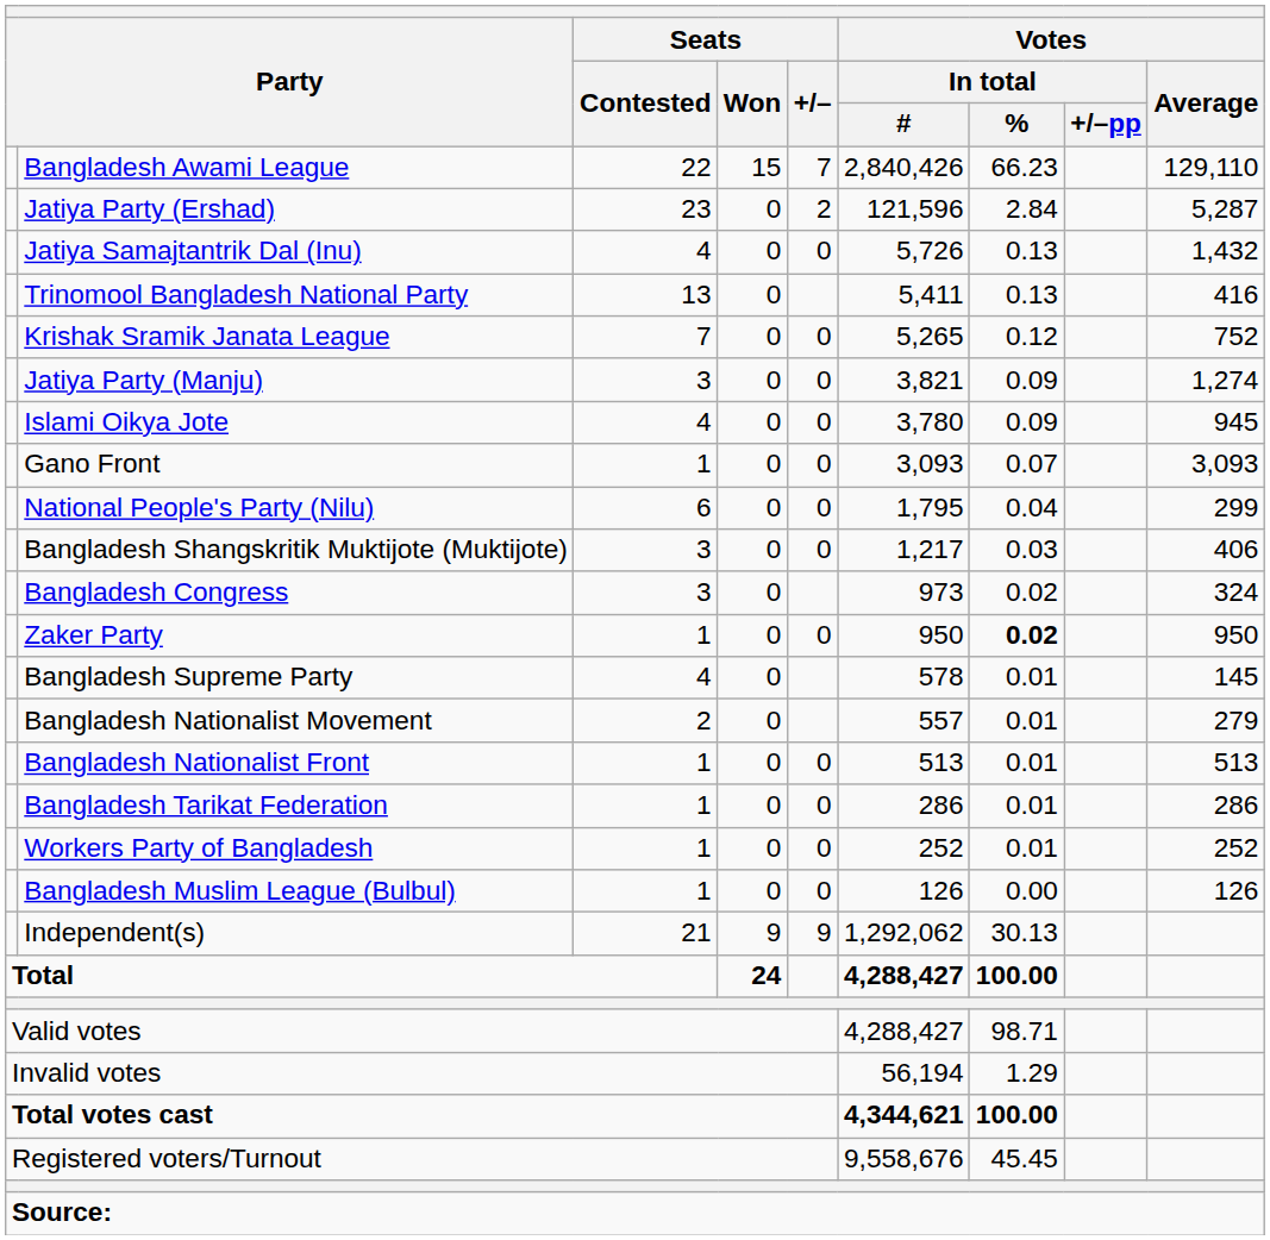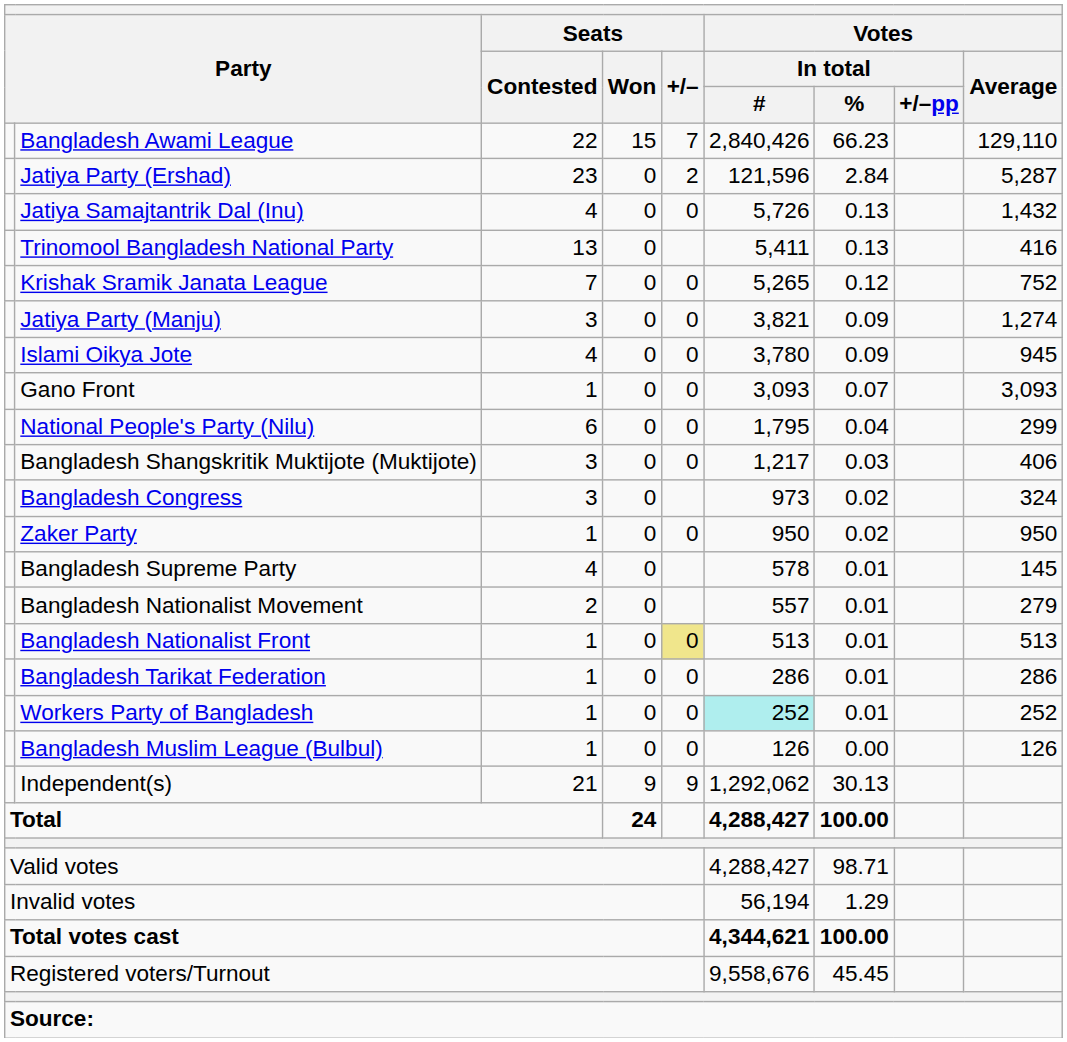 <table class="wikitable sortable">
 <tr>
 <th colspan="9"></th>
 </tr>
 <tr>
 <th colspan="2" rowspan="3">Party</th>
 <th colspan="3">Seats</th>
 <th colspan="4">Votes</th>
 </tr>
 <tr>
 <th rowspan="2">Contested</th>
 <th rowspan="2">Won</th>
 <th rowspan="2">+/–</th>
 <th colspan="3">In total</th>
 <th rowspan="2">Average</th>
 </tr>
 <tr>
 <th>#</th>
 <th>%</th>
 <th>+/–<a href='#'>pp</a></th>
 </tr>
 <tr>
 <td></td>
 <td><a href='#'>Bangladesh Awami League</a></td>
 <td style="text-align:right">22</td>
 <td style="text-align:right">15</td>
 <td style="text-align:right">7</td>
 <td style="text-align:right">2,840,426</td>
 <td style="text-align:right">66.23</td>
 <td style="text-align:right"></td>
 <td style="text-align:right">129,110</td>
 </tr>
 <tr>
 <td></td>
 <td><a href='#'>Jatiya Party (Ershad)</a></td>
 <td style="text-align:right">23</td>
 <td style="text-align:right">0</td>
 <td style="text-align:right">2</td>
 <td style="text-align:right">121,596</td>
 <td style="text-align:right">2.84</td>
 <td style="text-align:right"></td>
 <td style="text-align:right">5,287</td>
 </tr>
 <tr>
 <td></td>
 <td><a href='#'>Jatiya Samajtantrik Dal (Inu)</a></td>
 <td style="text-align:right">4</td>
 <td style="text-align:right">0</td>
 <td style="text-align:right">0</td>
 <td style="text-align:right">5,726</td>
 <td style="text-align:right">0.13</td>
 <td style="text-align:right"></td>
 <td style="text-align:right">1,432</td>
 </tr>
 <tr>
 <td></td>
 <td><a href='#'>Trinomool Bangladesh National Party</a></td>
 <td style="text-align:right">13</td>
 <td style="text-align:right">0</td>
 <td style="text-align:right"></td>
 <td style="text-align:right">5,411</td>
 <td style="text-align:right">0.13</td>
 <td style="text-align:right"></td>
 <td style="text-align:right">416</td>
 </tr>
 <tr>
 <td></td>
 <td><a href='#'>Krishak Sramik Janata League</a></td>
 <td style="text-align:right">7</td>
 <td style="text-align:right">0</td>
 <td style="text-align:right">0</td>
 <td style="text-align:right">5,265</td>
 <td style="text-align:right">0.12</td>
 <td style="text-align:right"></td>
 <td style="text-align:right">752</td>
 </tr>
 <tr>
 <td></td>
 <td><a href='#'>Jatiya Party (Manju)</a></td>
 <td style="text-align:right">3</td>
 <td style="text-align:right">0</td>
 <td style="text-align:right">0</td>
 <td style="text-align:right">3,821</td>
 <td style="text-align:right">0.09</td>
 <td style="text-align:right"></td>
 <td style="text-align:right">1,274</td>
 </tr>
 <tr>
 <td></td>
 <td><a href='#'>Islami Oikya Jote</a></td>
 <td style="text-align:right">4</td>
 <td style="text-align:right">0</td>
 <td style="text-align:right">0</td>
 <td style="text-align:right">3,780</td>
 <td style="text-align:right">0.09</td>
 <td style="text-align:right"></td>
 <td style="text-align:right">945</td>
 </tr>
 <tr>
 <td></td>
 <td>Gano Front</td>
 <td style="text-align:right">1</td>
 <td style="text-align:right">0</td>
 <td style="text-align:right">0</td>
 <td style="text-align:right">3,093</td>
 <td style="text-align:right">0.07</td>
 <td style="text-align:right"></td>
 <td style="text-align:right">3,093</td>
 </tr>
 <tr>
 <td></td>
 <td><a href='#'>National People's Party (Nilu)</a></td>
 <td style="text-align:right">6</td>
 <td style="text-align:right">0</td>
 <td style="text-align:right">0</td>
 <td style="text-align:right">1,795</td>
 <td style="text-align:right">0.04</td>
 <td style="text-align:right"></td>
 <td style="text-align:right">299</td>
 </tr>
 <tr>
 <td></td>
 <td>Bangladesh Shangskritik Muktijote (Muktijote)</td>
 <td style="text-align:right">3</td>
 <td style="text-align:right">0</td>
 <td style="text-align:right">0</td>
 <td style="text-align:right">1,217</td>
 <td style="text-align:right">0.03</td>
 <td style="text-align:right"></td>
 <td style="text-align:right">406</td>
 </tr>
 <tr>
 <td></td>
 <td><a href='#'>Bangladesh Congress</a></td>
 <td style="text-align:right">3</td>
 <td style="text-align:right">0</td>
 <td style="text-align:right"></td>
 <td style="text-align:right">973</td>
 <td style="text-align:right">0.02</td>
 <td style="text-align:right"></td>
 <td style="text-align:right">324</td>
 </tr>
 <tr>
 <td></td>
 <td><a href='#'>Zaker Party</a></td>
 <td style="text-align:right">1</td>
 <td style="text-align:right">0</td>
 <td style="text-align:right">0</td>
 <td style="text-align:right">950</td>
-<td style="text-align:right"><strong>0.02</strong></td>
+<td style="text-align:right">0.02</td>
 <td style="text-align:right"></td>
 <td style="text-align:right">950</td>
 </tr>
 <tr>
 <td></td>
 <td>Bangladesh Supreme Party</td>
 <td style="text-align:right">4</td>
 <td style="text-align:right">0</td>
 <td style="text-align:right"></td>
 <td style="text-align:right">578</td>
 <td style="text-align:right">0.01</td>
 <td style="text-align:right"></td>
 <td style="text-align:right">145</td>
 </tr>
 <tr>
 <td></td>
 <td>Bangladesh Nationalist Movement</td>
 <td style="text-align:right">2</td>
 <td style="text-align:right">0</td>
 <td style="text-align:right"></td>
 <td style="text-align:right">557</td>
 <td style="text-align:right">0.01</td>
 <td style="text-align:right"></td>
 <td style="text-align:right">279</td>
 </tr>
 <tr>
 <td></td>
 <td><a href='#'>Bangladesh Nationalist Front</a></td>
 <td style="text-align:right">1</td>
 <td style="text-align:right">0</td>
-<td style="text-align:right">0</td>
+<td style="background: khaki; text-align:right">0</td>
 <td style="text-align:right">513</td>
 <td style="text-align:right">0.01</td>
 <td style="text-align:right"></td>
 <td style="text-align:right">513</td>
 </tr>
 <tr>
 <td></td>
 <td><a href='#'>Bangladesh Tarikat Federation</a></td>
 <td style="text-align:right">1</td>
 <td style="text-align:right">0</td>
 <td style="text-align:right">0</td>
 <td style="text-align:right">286</td>
 <td style="text-align:right">0.01</td>
 <td style="text-align:right"></td>
 <td style="text-align:right">286</td>
 </tr>
 <tr>
 <td></td>
 <td><a href='#'>Workers Party of Bangladesh</a></td>
 <td style="text-align:right">1</td>
 <td style="text-align:right">0</td>
 <td style="text-align:right">0</td>
-<td style="text-align:right">252</td>
+<td style="background: paleturquoise; text-align:right">252</td>
 <td style="text-align:right">0.01</td>
 <td style="text-align:right"></td>
 <td style="text-align:right">252</td>
 </tr>
 <tr>
 <td></td>
 <td><a href='#'>Bangladesh Muslim League (Bulbul)</a></td>
 <td style="text-align:right">1</td>
 <td style="text-align:right">0</td>
 <td style="text-align:right">0</td>
 <td style="text-align:right">126</td>
 <td style="text-align:right">0.00</td>
 <td style="text-align:right"></td>
 <td style="text-align:right">126</td>
 </tr>
 <tr>
 <td></td>
 <td>Independent(s)</td>
 <td style="text-align:right">21</td>
 <td style="text-align:right">9</td>
 <td style="text-align:right">9</td>
 <td style="text-align:right">1,292,062</td>
 <td style="text-align:right">30.13</td>
 <td style="text-align:right"></td>
 <td style="text-align:right"></td>
 </tr>
 <tr>
 <td colspan="3"><strong>Total</strong></td>
 <td style="text-align:right"><strong>24</strong></td>
 <td style="text-align:right"></td>
 <td style="text-align:right"><strong>4,288,427</strong></td>
 <td style="text-align:right"><strong>100.00</strong></td>
 <td style="text-align:right"></td>
 <td style="text-align:right"></td>
 </tr>
 <tr>
 <th colspan="9"></th>
 </tr>
 <tr>
 <td colspan="5">Valid votes</td>
 <td style="text-align:right">4,288,427</td>
 <td style="text-align:right">98.71</td>
 <td></td>
 <td></td>
 </tr>
 <tr>
 <td colspan="5">Invalid votes</td>
 <td style="text-align:right">56,194</td>
 <td style="text-align:right">1.29</td>
 <td></td>
 <td></td>
 </tr>
 <tr>
 <td colspan="5"><strong>Total votes cast</strong></td>
 <td style="text-align:right"><strong>4,344,621</strong></td>
 <td style="text-align:right"><strong>100.00</strong></td>
 <td></td>
 <td></td>
 </tr>
 <tr>
 <td colspan="5">Registered voters/Turnout</td>
 <td style="text-align:right">9,558,676</td>
 <td style="text-align:right">45.45</td>
 <td></td>
 <td></td>
 </tr>
 <tr>
 <th colspan="9"></th>
 </tr>
 <tr>
 <td colspan="9"><strong>Source:</strong> </td>
 </tr>
 </table>
